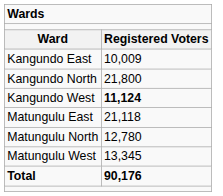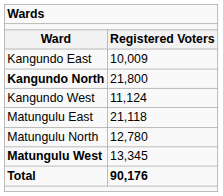 <table class="wikitable">
 <tr>
 <td colspan="2"><strong>Wards</strong></td>
 </tr>
 <tr>
 <td colspan="2"></td>
 </tr>
 <tr>
 <th>Ward</th>
 <th>Registered Voters</th>
 </tr>
 <tr>
 <td>Kangundo East</td>
 <td>10,009</td>
 </tr>
 <tr>
-<td>Kangundo North</td>
+<td><strong>Kangundo North</strong></td>
 <td>21,800</td>
 </tr>
 <tr>
 <td>Kangundo West</td>
-<td><strong>11,124</strong></td>
+<td>11,124</td>
 </tr>
 <tr>
 <td>Matungulu East</td>
 <td>21,118</td>
 </tr>
 <tr>
 <td>Matungulu North</td>
 <td>12,780</td>
 </tr>
 <tr>
-<td>Matungulu West</td>
+<td><strong>Matungulu West</strong></td>
 <td>13,345</td>
 </tr>
 <tr>
 <td><strong>Total</strong></td>
 <td><strong>90,176</strong></td>
 </tr>
 <tr>
 <td colspan="2"></td>
 </tr>
 </table>
